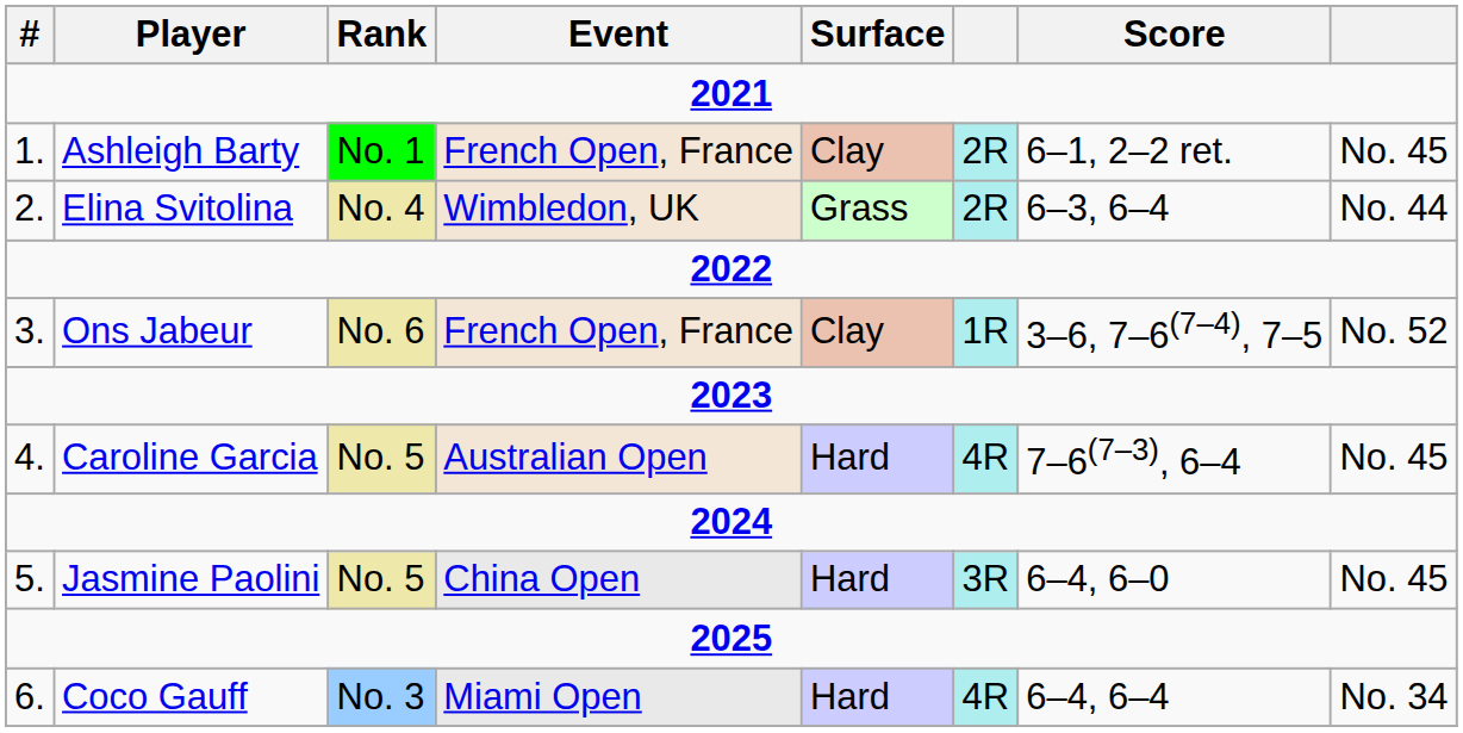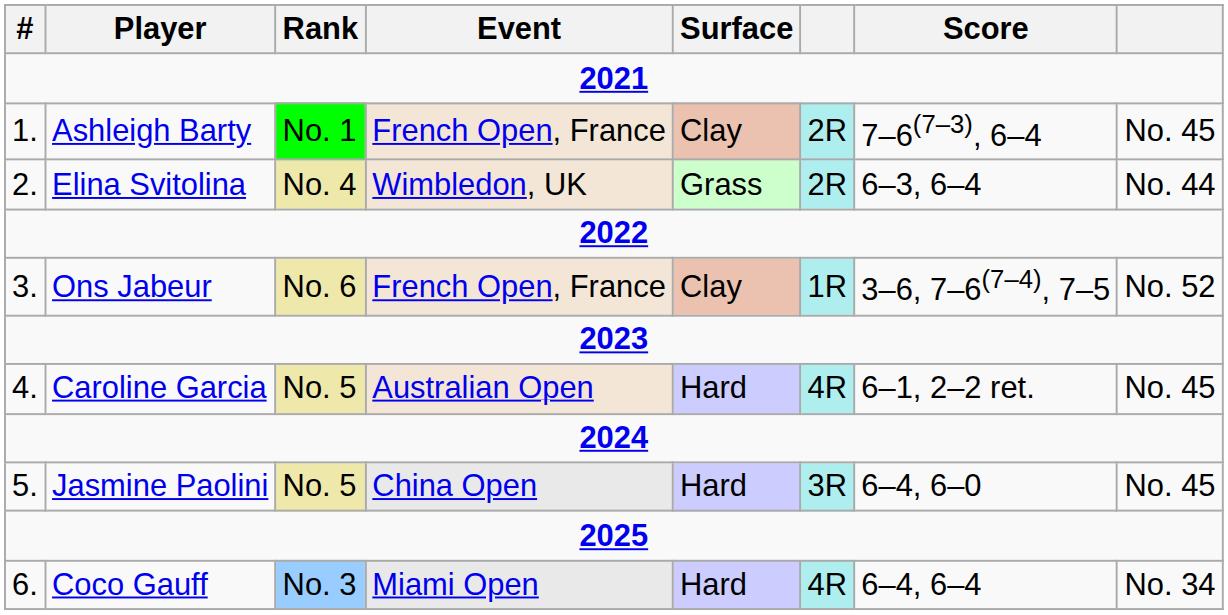 <table class="wikitable sortable">
 <tr>
 <th>#</th>
 <th>Player</th>
 <th>Rank</th>
 <th>Event</th>
 <th>Surface</th>
 <th></th>
 <th class=unsortable>Score</th>
 <th></th>
 </tr>
 <tr>
 <td colspan=8 style=text-align:center><strong><a href='#'>2021</a></strong></td>
 </tr>
 <tr>
 <td>1.</td>
 <td> <a href='#'>Ashleigh Barty</a></td>
 <td bgcolor=lime>No. 1</td>
 <td bgcolor=f3e6d7><a href='#'>French Open</a>, France</td>
 <td bgcolor=ebc2af>Clay</td>
 <td bgcolor=afeeee>2R</td>
-<td>6–1, 2–2 ret.</td>
+<td>7–6<sup>(7–3)</sup>, 6–4</td>
 <td>No. 45</td>
 </tr>
 <tr>
 <td>2.</td>
 <td> <a href='#'>Elina Svitolina</a></td>
 <td bgcolor=eee8aa>No. 4</td>
 <td bgcolor=f3e6d7><a href='#'>Wimbledon</a>, UK</td>
 <td bgcolor=ccffcc>Grass</td>
 <td bgcolor=afeeee>2R</td>
 <td>6–3, 6–4</td>
 <td>No. 44</td>
 </tr>
 <tr>
 <td colspan=8 style=text-align:center><strong><a href='#'>2022</a></strong></td>
 </tr>
 <tr>
 <td>3.</td>
 <td> <a href='#'>Ons Jabeur</a></td>
 <td bgcolor=eee8aa>No. 6</td>
 <td bgcolor=f3e6d7><a href='#'>French Open</a>, France</td>
 <td bgcolor=ebc2af>Clay</td>
 <td bgcolor=afeeee>1R</td>
 <td>3–6, 7–6<sup>(7–4)</sup>, 7–5</td>
 <td>No. 52</td>
 </tr>
 <tr>
 <td colspan=8 style=text-align:center><strong><a href='#'>2023</a></strong></td>
 </tr>
 <tr>
 <td>4.</td>
 <td> <a href='#'>Caroline Garcia</a></td>
 <td bgcolor=eee8aa>No. 5</td>
 <td bgcolor=f3e6d7><a href='#'>Australian Open</a></td>
 <td bgcolor=ccccff>Hard</td>
 <td bgcolor=afeeee>4R</td>
-<td>7–6<sup>(7–3)</sup>, 6–4</td>
+<td>6–1, 2–2 ret.</td>
 <td>No. 45</td>
 </tr>
 <tr>
 <td colspan=8 style=text-align:center><strong><a href='#'>2024</a></strong></td>
 </tr>
 <tr>
 <td>5.</td>
 <td> <a href='#'>Jasmine Paolini</a></td>
 <td bgcolor=eee8AA>No. 5</td>
 <td bgcolor=e9e9e9><a href='#'>China Open</a></td>
 <td bgcolor=ccccff>Hard</td>
 <td bgcolor=afeeee>3R</td>
 <td>6–4, 6–0</td>
 <td>No. 45</td>
 </tr>
 <tr>
 <td colspan=8 style=text-align:center><strong><a href='#'>2025</a></strong></td>
 </tr>
 <tr>
 <td>6.</td>
 <td> <a href='#'>Coco Gauff</a></td>
 <td bgcolor=#9cf>No. 3</td>
 <td bgcolor=e9e9e9><a href='#'>Miami Open</a></td>
 <td bgcolor=ccccff>Hard</td>
 <td bgcolor=afeeee>4R</td>
 <td>6–4, 6–4</td>
 <td>No. 34</td>
 </tr>
 </table>
